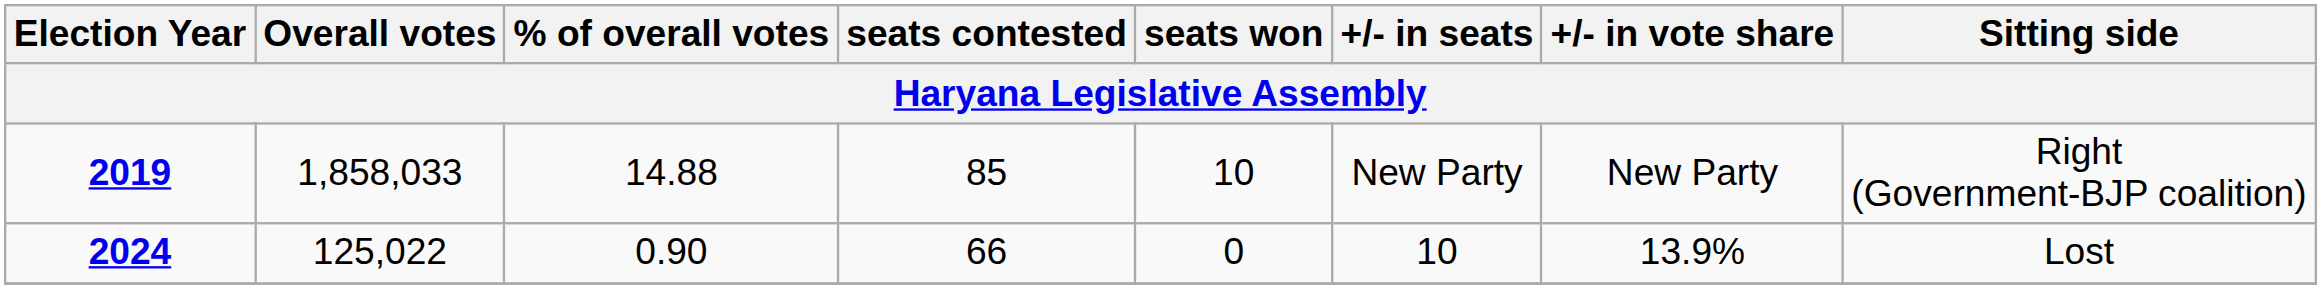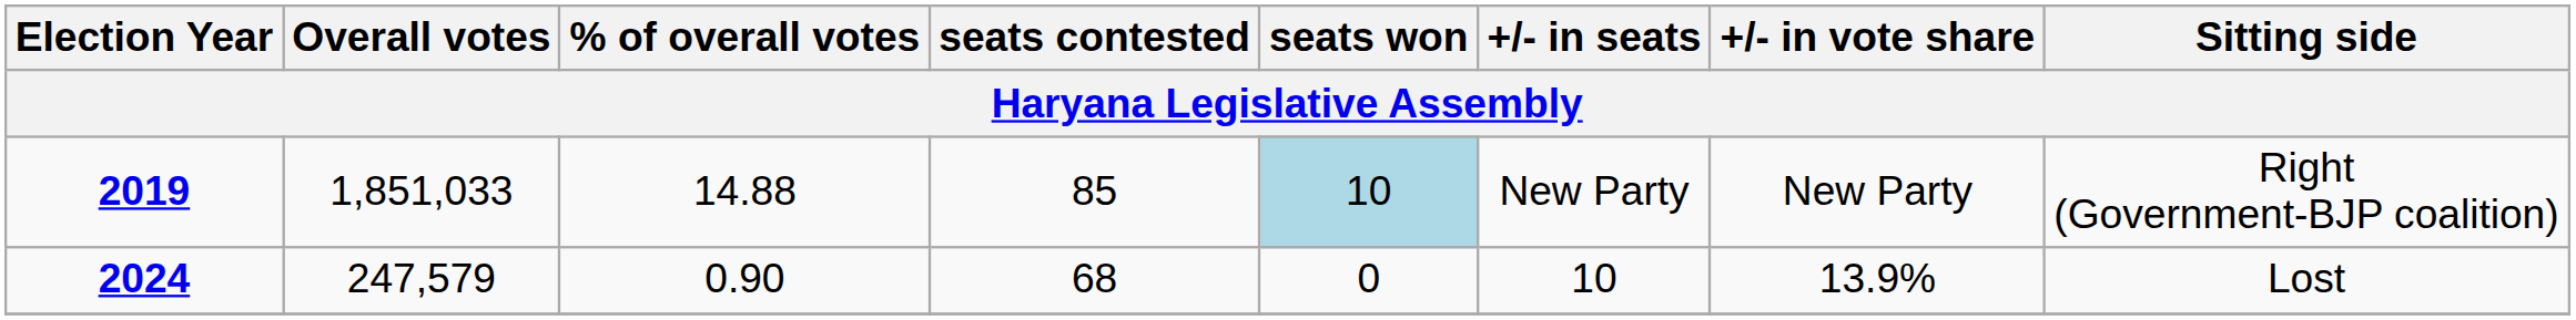 <table class="wikitable" style="text-align:center">
 <tr>
 <th Style="background-color:">Election Year</th>
 <th Style="background-color:">Overall votes</th>
 <th Style="background-color:">% of overall votes</th>
 <th Style="background-color:">seats contested</th>
 <th Style="background-color:">seats won</th>
 <th Style="background-color:">+/- in seats</th>
 <th Style="background-color:">+/- in vote share</th>
 <th Style="background-color:">Sitting side</th>
 </tr>
 <tr>
 <th colspan=8><a href='#'>Haryana Legislative Assembly</a></th>
 </tr>
 <tr>
 <td><a href='#'><strong>2019</strong></a></td>
-<td>1,858,033</td>
+<td>1,851,033</td>
 <td>14.88</td>
 <td>85</td>
-<td>10</td>
+<td style="background: lightblue;">10</td>
 <td>New Party</td>
 <td>New Party</td>
 <td>Right<br>(Government-BJP coalition)</td>
 </tr>
 <tr>
 <td><a href='#'><strong>2024</strong></a></td>
-<td>125,022</td>
+<td>247,579</td>
 <td>0.90</td>
-<td>66</td>
+<td>68</td>
 <td>0</td>
 <td>10</td>
 <td>13.9%</td>
 <td>Lost</td>
 </tr>
 <tr>
 </tr>
 </table>
